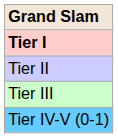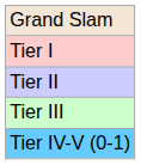 <table class="wikitable">
 <tr>
 </tr>
 <tr style="background:#f3e6d7;">
-<td><strong>Grand Slam</strong></td>
+<td>Grand Slam</td>
 </tr>
 <tr style="background:#fcc;">
-<td><strong>Tier I</strong></td>
+<td>Tier I</td>
 </tr>
 <tr style="background:#ccf;">
 <td>Tier II</td>
 </tr>
 <tr style="background:#cfc;">
 <td>Tier III</td>
 </tr>
 <tr style="background:#6cf;">
 <td>Tier IV-V (0-1)</td>
 </tr>
 </table>
